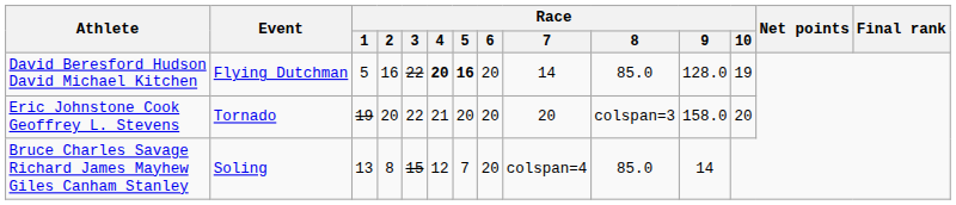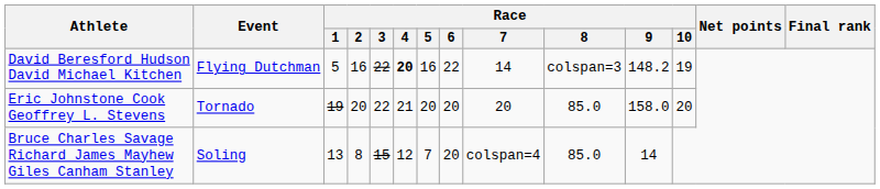 <table class="wikitable" style="font-size:90%">
 <tr>
 <th rowspan="2">Athlete</th>
 <th rowspan="2">Event</th>
 <th colspan=10>Race</th>
 <th rowspan=2>Net points</th>
 <th rowspan=2>Final rank</th>
 </tr>
 <tr style="font-size:95%">
 <th>1</th>
 <th>2</th>
 <th>3</th>
 <th>4</th>
 <th>5</th>
 <th>6</th>
 <th>7</th>
 <th>8</th>
 <th>9</th>
 <th>10</th>
 </tr>
 <tr align=center>
 <td align=left><a href='#'>David Beresford Hudson</a><br><a href='#'>David Michael Kitchen</a></td>
 <td align=left><a href='#'>Flying Dutchman</a></td>
 <td>5</td>
 <td>16</td>
 <td><s>22</s></td>
 <td><strong>20</strong></td>
-<td><strong>16</strong></td>
-<td>20</td>
+<td>16</td>
+<td>22</td>
 <td>14</td>
-<td>85.0</td>
-<td>128.0</td>
+<td>colspan=3 </td>
+<td>148.2</td>
 <td>19</td>
 </tr>
 <tr align=center>
 <td align=left><a href='#'>Eric Johnstone Cook</a><br><a href='#'>Geoffrey L. Stevens</a></td>
 <td align=left><a href='#'>Tornado</a></td>
 <td><s>19</s></td>
 <td>20</td>
 <td>22</td>
 <td>21</td>
 <td>20</td>
 <td>20</td>
 <td>20</td>
-<td>colspan=3 </td>
+<td>85.0</td>
 <td>158.0</td>
 <td>20</td>
 </tr>
 <tr align=center>
 <td align=left><a href='#'>Bruce Charles Savage</a><br><a href='#'>Richard James Mayhew</a><br><a href='#'>Giles Canham Stanley</a></td>
 <td align=left><a href='#'>Soling</a></td>
 <td>13</td>
 <td>8</td>
 <td><s>15</s></td>
 <td>12</td>
 <td>7</td>
 <td>20</td>
 <td>colspan=4 </td>
 <td>85.0</td>
 <td>14</td>
 </tr>
 </table>
